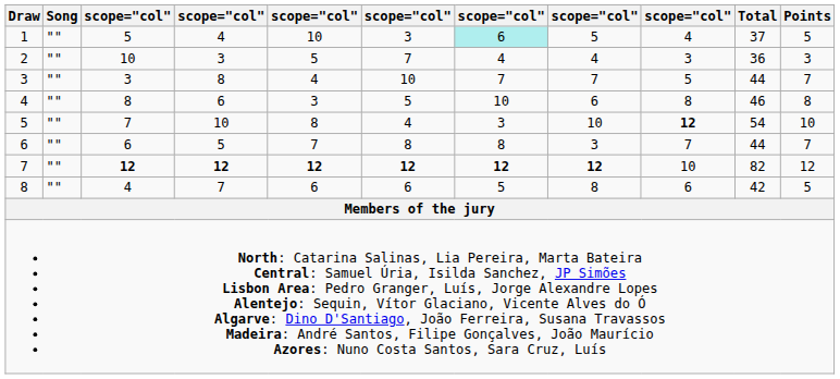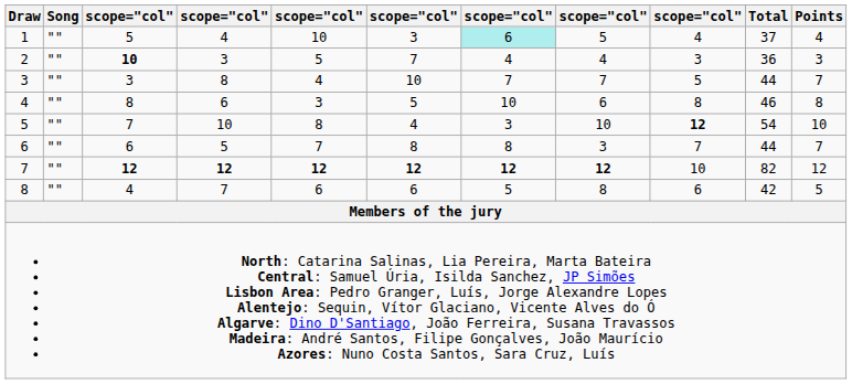 <table class="wikitable collapsible" style="margin: 1em auto 1em auto; text-align:center;">
 <tr>
 <th>Draw</th>
 <th>Song</th>
 <th>scope="col" </th>
 <th>scope="col" </th>
 <th>scope="col" </th>
 <th>scope="col" </th>
 <th>scope="col" </th>
 <th>scope="col" </th>
 <th>scope="col" </th>
 <th>Total</th>
 <th>Points</th>
 </tr>
 <tr>
 <td>1</td>
 <td align="left">""</td>
 <td>5</td>
 <td>4</td>
 <td>10</td>
 <td>3</td>
 <td style="background: paleturquoise;">6</td>
 <td>5</td>
 <td>4</td>
 <td>37</td>
-<td>5</td>
+<td>4</td>
 </tr>
 <tr>
 <td>2</td>
 <td align="left">""</td>
-<td>10</td>
+<td><strong>10</strong></td>
 <td>3</td>
 <td>5</td>
 <td>7</td>
 <td>4</td>
 <td>4</td>
 <td>3</td>
 <td>36</td>
 <td>3</td>
 </tr>
 <tr>
 <td>3</td>
 <td align="left">""</td>
 <td>3</td>
 <td>8</td>
 <td>4</td>
 <td>10</td>
 <td>7</td>
 <td>7</td>
 <td>5</td>
 <td>44</td>
 <td>7</td>
 </tr>
 <tr>
 <td>4</td>
 <td align="left">""</td>
 <td>8</td>
 <td>6</td>
 <td>3</td>
 <td>5</td>
 <td>10</td>
 <td>6</td>
 <td>8</td>
 <td>46</td>
 <td>8</td>
 </tr>
 <tr>
 <td>5</td>
 <td align="left">""</td>
 <td>7</td>
 <td>10</td>
 <td>8</td>
 <td>4</td>
 <td>3</td>
 <td>10</td>
 <td><strong>12</strong></td>
 <td>54</td>
 <td>10</td>
 </tr>
 <tr>
 <td>6</td>
 <td align="left">""</td>
 <td>6</td>
 <td>5</td>
 <td>7</td>
 <td>8</td>
 <td>8</td>
 <td>3</td>
 <td>7</td>
 <td>44</td>
 <td>7</td>
 </tr>
 <tr>
 <td>7</td>
 <td align="left">""</td>
 <td><strong>12</strong></td>
 <td><strong>12</strong></td>
 <td><strong>12</strong></td>
 <td><strong>12</strong></td>
 <td><strong>12</strong></td>
 <td><strong>12</strong></td>
 <td>10</td>
 <td>82</td>
 <td>12</td>
 </tr>
 <tr>
 <td>8</td>
 <td align="left">""</td>
 <td>4</td>
 <td>7</td>
 <td>6</td>
 <td>6</td>
 <td>5</td>
 <td>8</td>
 <td>6</td>
 <td>42</td>
 <td>5</td>
 </tr>
 <tr>
 <th colspan="11">Members of the jury</th>
 </tr>
 <tr>
 <td colspan="11"><br><ul><li><strong>North</strong>: Catarina Salinas, Lia Pereira, Marta Bateira</li><li><strong>Central</strong>: Samuel Úria, Isilda Sanchez, <a href='#'>JP Simões</a></li><li><strong>Lisbon Area</strong>: Pedro Granger, Luís, Jorge Alexandre Lopes</li><li><strong>Alentejo</strong>: Sequin, Vítor Glaciano, Vicente Alves do Ó</li><li><strong>Algarve</strong>: <a href='#'>Dino D'Santiago</a>, João Ferreira, Susana Travassos</li><li><strong>Madeira</strong>: André Santos, Filipe Gonçalves, João Maurício</li><li><strong>Azores</strong>: Nuno Costa Santos, Sara Cruz, Luís</li></ul></td>
 </tr>
 </table>
